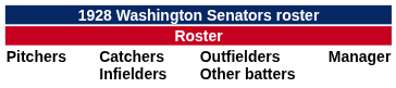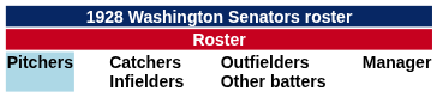 <table class="toccolours" style="font-size: 95%;">
 <tr>
 <th colspan="10" style="background-color: #072764; color: #FFFFFF; text-align: center;">1928 Washington Senators roster</th>
 </tr>
 <tr>
 <td colspan="10" style="background-color: #c6011f; color: white; text-align: center;"><strong>Roster</strong></td>
 </tr>
 <tr>
-<td valign="top"><strong>Pitchers</strong><br>          </td>
+<td valign="top" style="background: lightblue;"><strong>Pitchers</strong><br>          </td>
 <td width="25px"></td>
 <td valign="top"><strong>Catchers</strong><br>    <strong>Infielders</strong>           </td>
 <td width="25px"></td>
 <td valign="top"><strong>Outfielders</strong><br>      <strong>Other batters</strong> </td>
 <td width="25px"></td>
 <td valign="top"><strong>Manager</strong><br></td>
 </tr>
 <tr>
 </tr>
 </table>
